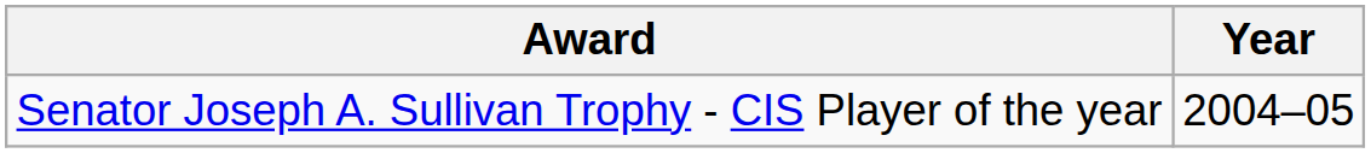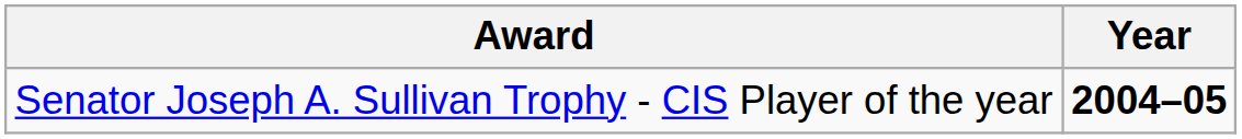 <table class="wikitable">
 <tr>
 <th>Award</th>
 <th>Year</th>
 </tr>
 <tr>
 <td><a href='#'>Senator Joseph A. Sullivan Trophy</a> - <a href='#'>CIS</a> Player of the year </td>
-<td>2004–05</td>
+<td><strong>2004–05</strong></td>
 </tr>
 </table>
